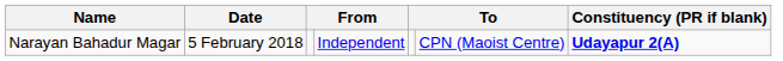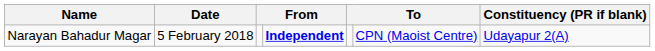 <table class="wikitable">
 <tr>
 <th>Name</th>
 <th>Date</th>
 <th colspan="2">From</th>
 <th colspan="2">To</th>
 <th>Constituency (PR if blank)</th>
 </tr>
 <tr>
 <td>Narayan Bahadur Magar</td>
 <td>5 February 2018</td>
 <td></td>
-<td><a href='#'>Independent</a></td>
+<td><strong><a href='#'>Independent</a></strong></td>
 <td></td>
 <td><a href='#'>CPN (Maoist Centre)</a></td>
-<td><strong><a href='#'>Udayapur 2(A)</a></strong></td>
+<td><a href='#'>Udayapur 2(A)</a></td>
 </tr>
 </table>
